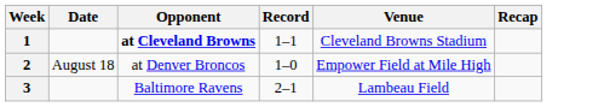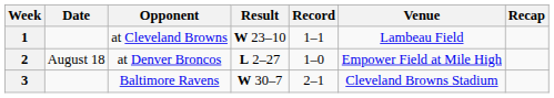 <table class="wikitable" style="text-align:center">
 <tr>
 <th>Week</th>
 <th>Date</th>
 <th>Opponent</th>
+<th>Result</th>
 <th>Record</th>
 <th>Venue</th>
 <th>Recap</th>
 </tr>
 <tr>
 <th>1</th>
 <td></td>
-<td><strong>at <a href='#'>Cleveland Browns</a></strong></td>
+<td>at <a href='#'>Cleveland Browns</a></td>
+<td><strong>W</strong> 23–10</td>
 <td>1–1</td>
-<td><a href='#'>Cleveland Browns Stadium</a></td>
+<td><a href='#'>Lambeau Field</a></td>
 <td></td>
 </tr>
 <tr>
 <th>2</th>
 <td>August 18</td>
 <td>at <a href='#'>Denver Broncos</a></td>
+<td><strong>L</strong> 2–27</td>
 <td>1–0</td>
 <td><a href='#'>Empower Field at Mile High</a></td>
 <td></td>
 </tr>
 <tr>
 <th>3</th>
 <td></td>
 <td><a href='#'>Baltimore Ravens</a></td>
+<td><strong>W</strong> 30–7</td>
 <td>2–1</td>
-<td><a href='#'>Lambeau Field</a></td>
+<td><a href='#'>Cleveland Browns Stadium</a></td>
 <td></td>
 </tr>
 </table>
